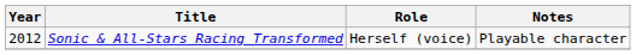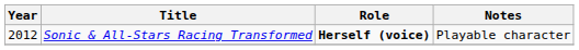 <table class="wikitable sortable">
 <tr>
 <th>Year</th>
 <th>Title</th>
 <th>Role</th>
 <th class="unsortable">Notes</th>
 </tr>
 <tr>
 <td>2012</td>
 <td><em><a href='#'>Sonic & All-Stars Racing Transformed</a></em></td>
-<td>Herself (voice)</td>
+<td><strong>Herself (voice)</strong></td>
 <td>Playable character</td>
 </tr>
 <tr>
 </tr>
 </table>
